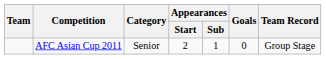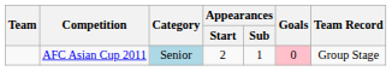 <table class="wikitable" style="font-size:90%; text-align: center;">
 <tr>
 <th rowspan="2">Team</th>
 <th rowspan="2">Competition</th>
 <th rowspan="2">Category</th>
 <th colspan="2">Appearances</th>
 <th rowspan="2">Goals</th>
 <th rowspan="2">Team Record</th>
 </tr>
 <tr>
 <th>Start</th>
 <th>Sub</th>
 </tr>
 <tr>
 <td align="left"></td>
 <td align="left"><a href='#'>AFC Asian Cup 2011</a></td>
-<td>Senior</td>
+<td style="background: lightblue;">Senior</td>
 <td>2</td>
 <td>1</td>
-<td>0</td>
+<td style="background: pink;">0</td>
 <td>Group Stage</td>
 </tr>
 </table>
